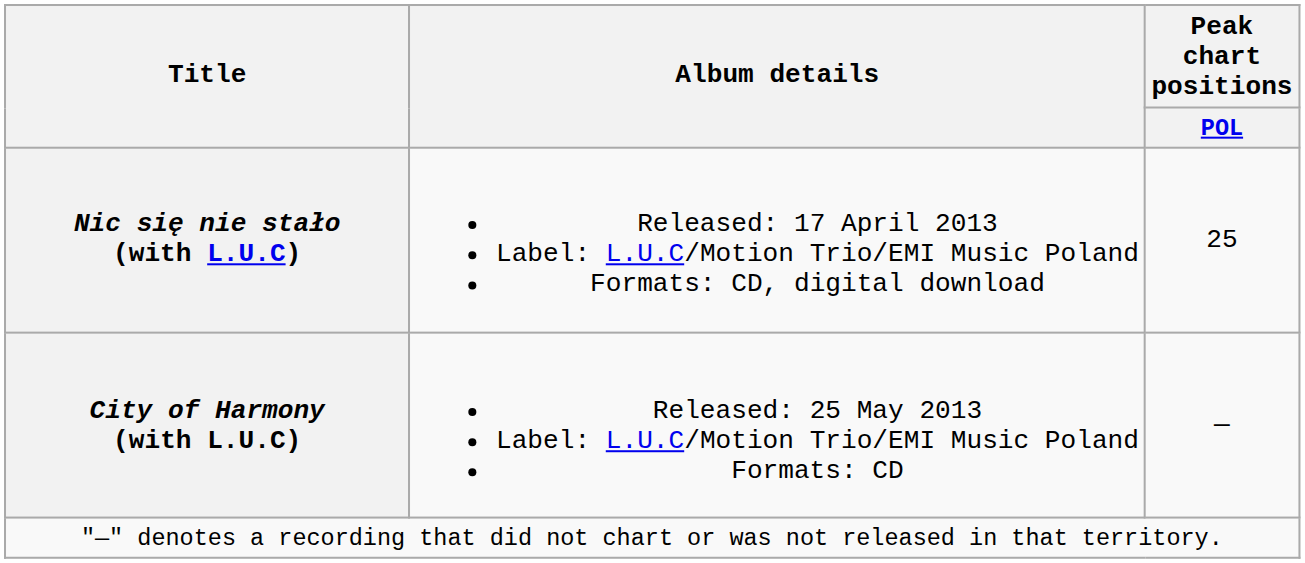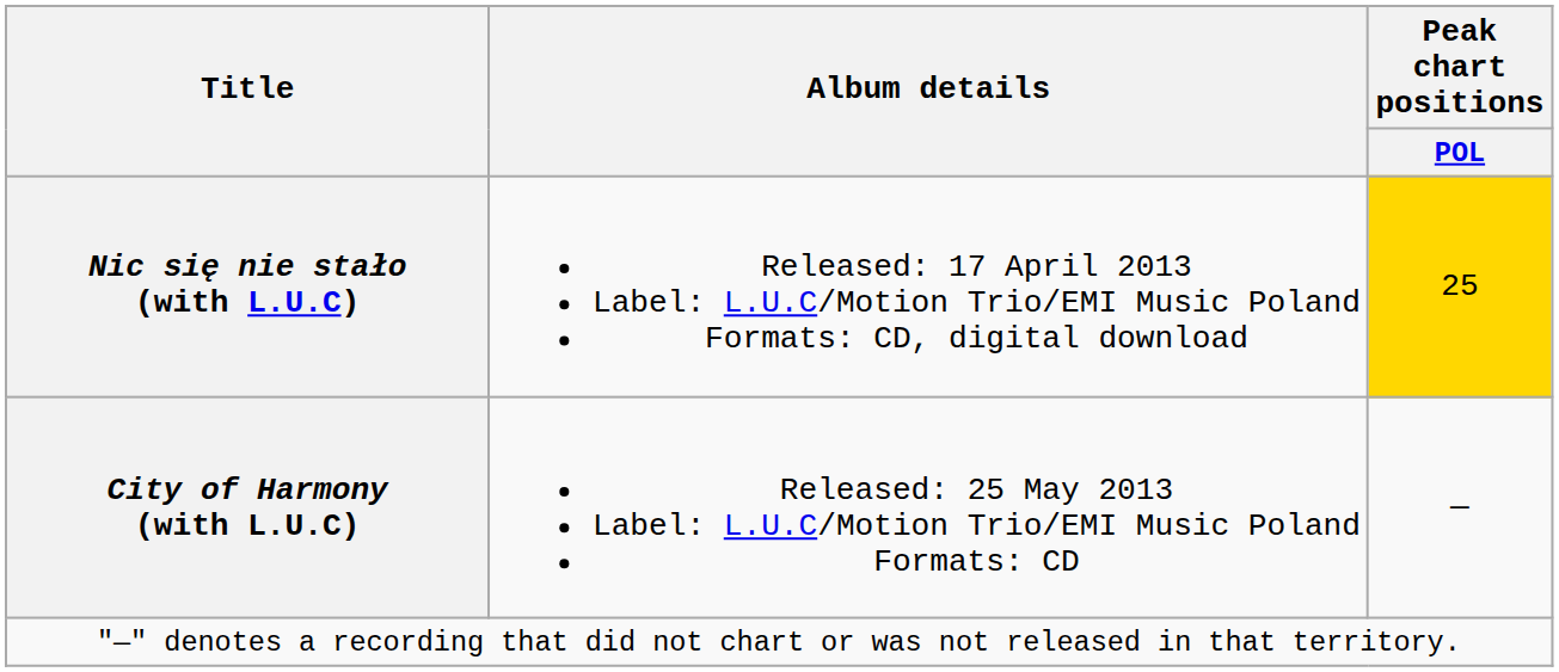 <table class="wikitable plainrowheaders" style="text-align:center;">
 <tr>
 <th scope="col" rowspan="2" style="width:15em;">Title</th>
 <th scope="col" rowspan="2">Album details</th>
 <th scope="col" colspan="1">Peak chart positions</th>
 </tr>
 <tr>
 <th scope="col" style="width:3em;font-size:90%;"><a href='#'>POL</a><br></th>
 </tr>
 <tr>
 <th scope="row"><em>Nic się nie stało</em><br>(with <a href='#'>L.U.C</a>)</th>
 <td><br><ul><li>Released: 17 April 2013</li><li>Label: <a href='#'>L.U.C</a>/Motion Trio/EMI Music Poland</li><li>Formats: CD, digital download</li></ul></td>
-<td>25</td>
+<td style="background: gold;">25</td>
 </tr>
 <tr>
 <th scope="row"><em>City of Harmony</em><br>(with L.U.C)</th>
 <td><br><ul><li>Released: 25 May 2013</li><li>Label: <a href='#'>L.U.C</a>/Motion Trio/EMI Music Poland</li><li>Formats: CD</li></ul></td>
 <td>—</td>
 </tr>
 <tr>
 <td colspan="10" style="font-size:90%">"—" denotes a recording that did not chart or was not released in that territory.</td>
 </tr>
 </table>
